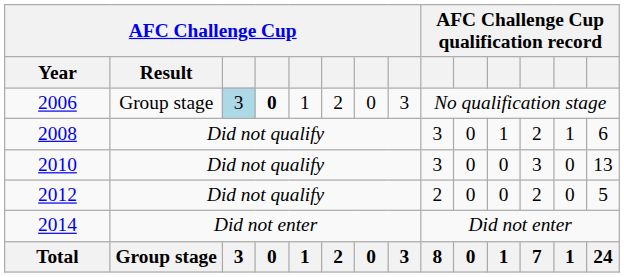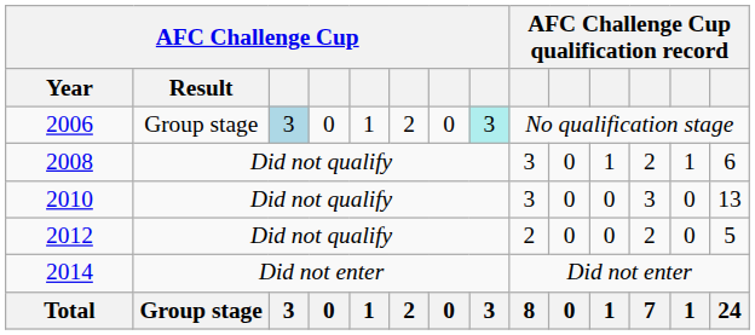 <table class="wikitable" style="text-align: center;">
 <tr>
 <th colspan=8><a href='#'>AFC Challenge Cup</a></th>
 <th colspan=6>AFC Challenge Cup qualification record</th>
 </tr>
 <tr>
 <th width=80>Year</th>
 <th width=85>Result</th>
 <th width=20></th>
 <th width=20></th>
 <th width=20></th>
 <th width=20></th>
 <th width=20></th>
 <th width=20></th>
 <th width=20></th>
 <th width=20></th>
 <th width=20></th>
 <th width=20></th>
 <th width=20></th>
 <th width=20></th>
 </tr>
 <tr>
 <td> <a href='#'>2006</a></td>
 <td>Group stage</td>
 <td style="background: lightblue;">3</td>
-<td><strong>0</strong></td>
+<td>0</td>
 <td>1</td>
 <td>2</td>
 <td>0</td>
-<td>3</td>
+<td style="background: paleturquoise;">3</td>
 <td textalign="centre"; colspan="6"><em>No qualification stage</em></td>
 </tr>
 <tr>
 <td> <a href='#'>2008</a></td>
 <td textalign="centre"; colspan="7"><em>Did not qualify</em></td>
 <td>3</td>
 <td>0</td>
 <td>1</td>
 <td>2</td>
 <td>1</td>
 <td>6</td>
 </tr>
 <tr>
 <td> <a href='#'>2010</a></td>
 <td textalign="centre"; colspan="7"><em>Did not qualify</em></td>
 <td>3</td>
 <td>0</td>
 <td>0</td>
 <td>3</td>
 <td>0</td>
 <td>13</td>
 </tr>
 <tr>
 <td> <a href='#'>2012</a></td>
 <td textalign="centre"; colspan="7"><em>Did not qualify</em></td>
 <td>2</td>
 <td>0</td>
 <td>0</td>
 <td>2</td>
 <td>0</td>
 <td>5</td>
 </tr>
 <tr>
 <td> <a href='#'>2014</a></td>
 <td textalign="centre"; colspan="7"><em>Did not enter</em></td>
 <td textalign="centre"; colspan="6"><em>Did not enter</em></td>
 </tr>
 <tr>
 <th><strong>Total</strong></th>
 <th>Group stage</th>
 <th><strong>3</strong></th>
 <th><strong>0</strong></th>
 <th><strong>1</strong></th>
 <th><strong>2</strong></th>
 <th><strong>0</strong></th>
 <th><strong>3</strong></th>
 <th><strong>8</strong></th>
 <th><strong>0</strong></th>
 <th><strong>1</strong></th>
 <th><strong>7</strong></th>
 <th><strong>1</strong></th>
 <th><strong>24</strong></th>
 </tr>
 </table>
